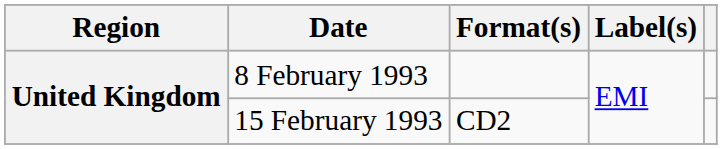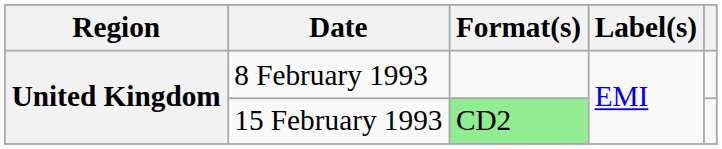 <table class="wikitable plainrowheaders">
 <tr>
 <th scope="col">Region</th>
 <th scope="col">Date</th>
 <th scope="col">Format(s)</th>
 <th scope="col">Label(s)</th>
 <th scope="col"></th>
 </tr>
 <tr>
 <th scope="row" rowspan="2">United Kingdom</th>
 <td>8 February 1993</td>
 <td></td>
 <td rowspan="2"><a href='#'>EMI</a></td>
 <td></td>
 </tr>
 <tr>
 <td>15 February 1993</td>
-<td>CD2</td>
+<td style="background: lightgreen;">CD2</td>
 <td></td>
 </tr>
 </table>
